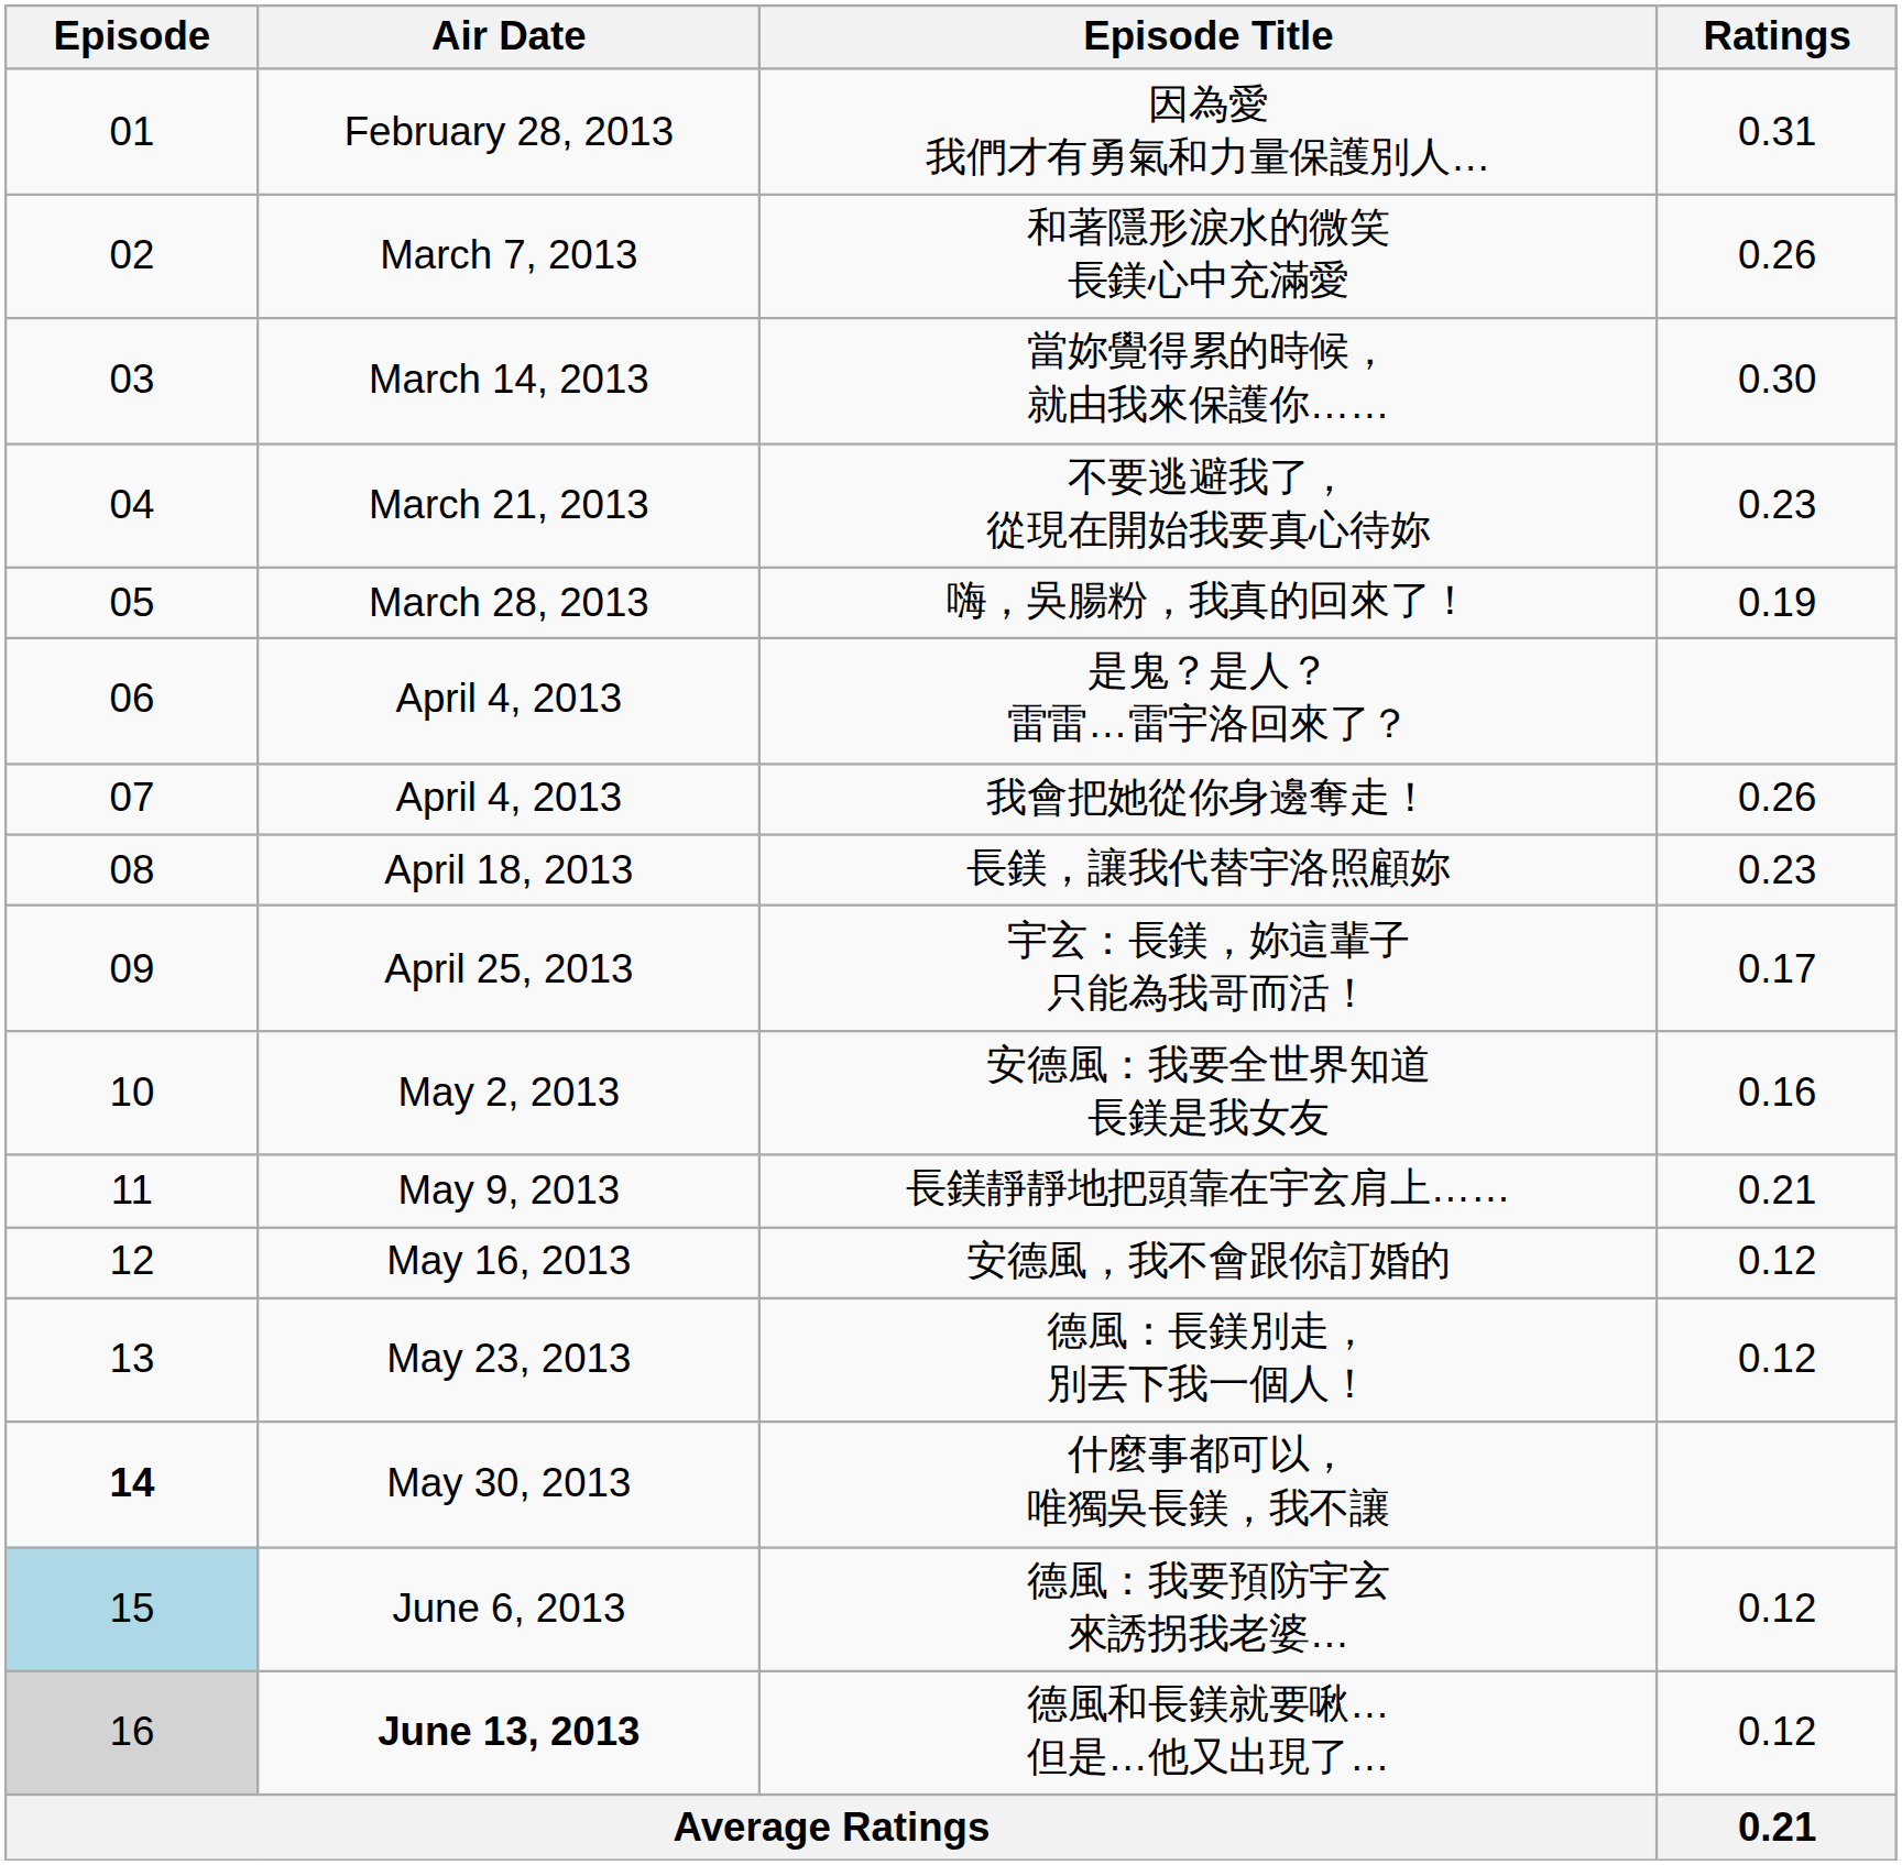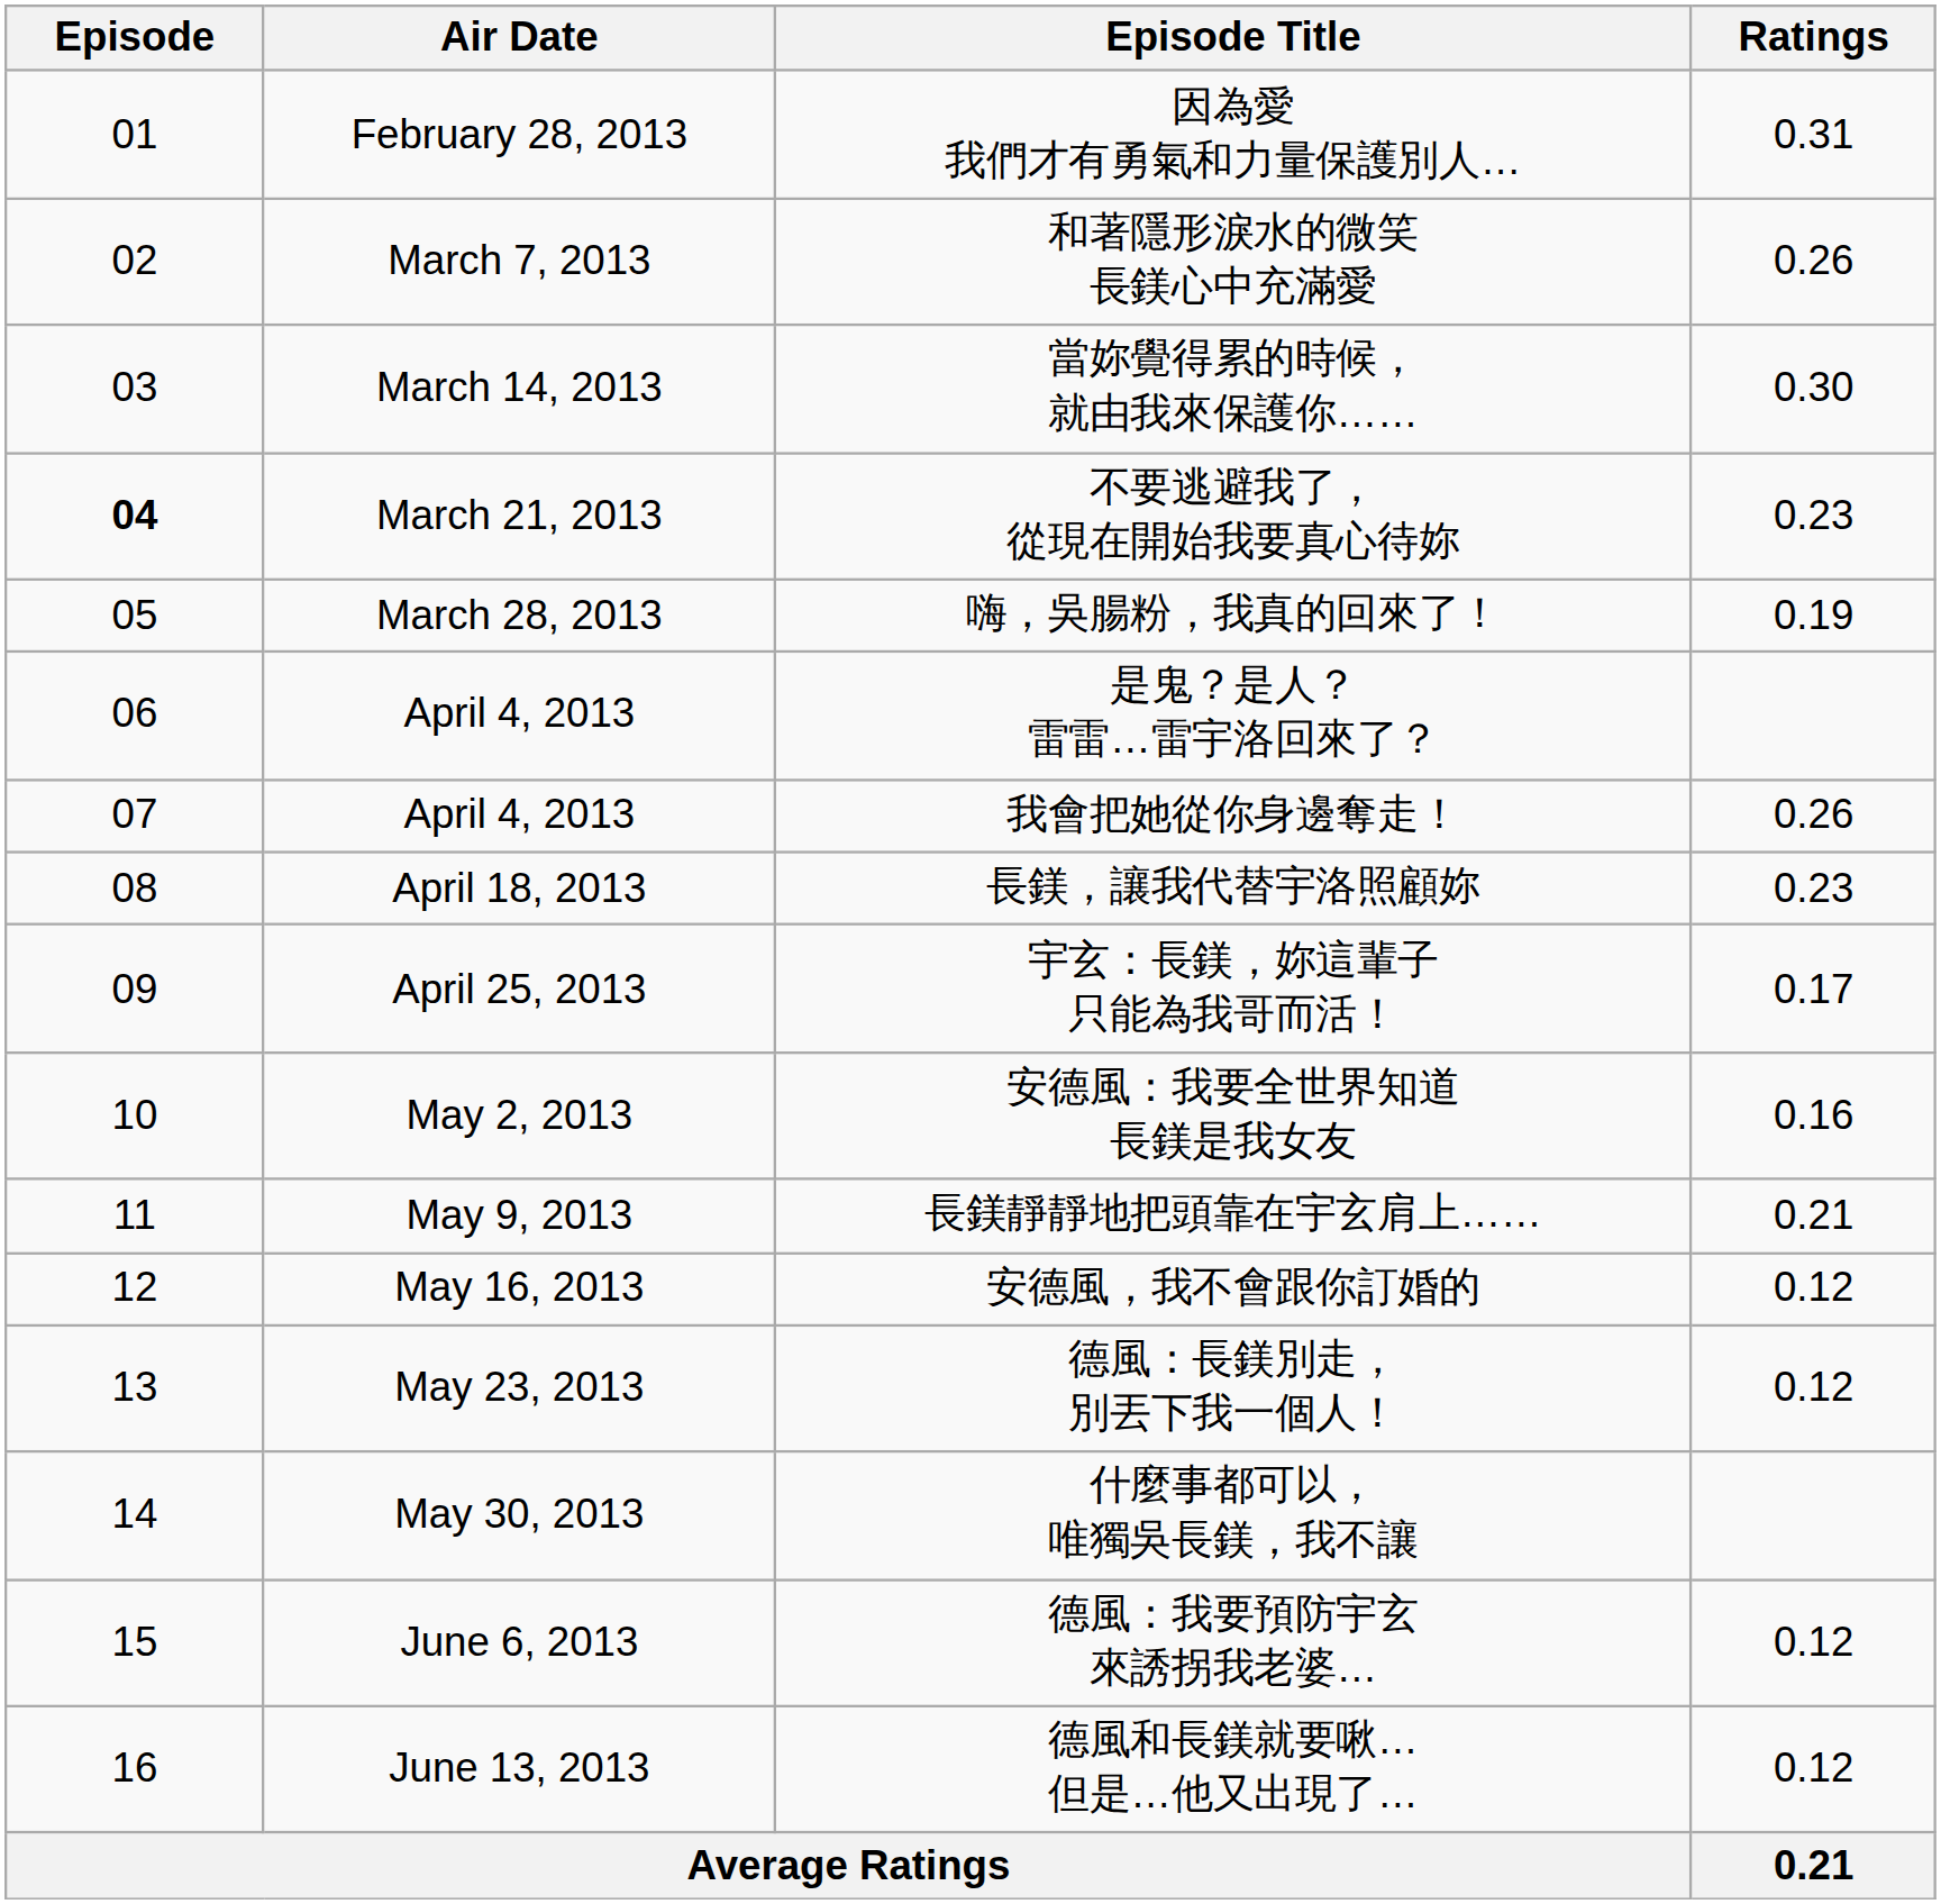 <table class="wikitable" style="text-align:center; width:85%;">
 <tr>
 <th>Episode</th>
 <th>Air Date</th>
 <th>Episode Title</th>
 <th>Ratings</th>
 </tr>
 <tr>
 <td>01</td>
 <td>February 28, 2013</td>
 <td>因為愛<br>我們才有勇氣和力量保護別人…</td>
 <td>0.31</td>
 </tr>
 <tr>
 <td>02</td>
 <td>March 7, 2013</td>
 <td>和著隱形淚水的微笑<br>長鎂心中充滿愛</td>
 <td>0.26</td>
 </tr>
 <tr>
 <td>03</td>
 <td>March 14, 2013</td>
 <td>當妳覺得累的時候，<br>就由我來保護你……</td>
 <td>0.30</td>
 </tr>
 <tr>
-<td>04</td>
+<td><strong>04</strong></td>
 <td>March 21, 2013</td>
 <td>不要逃避我了，<br>從現在開始我要真心待妳</td>
 <td>0.23</td>
 </tr>
 <tr>
 <td>05</td>
 <td>March 28, 2013</td>
 <td>嗨，吳腸粉，我真的回來了！</td>
 <td>0.19</td>
 </tr>
 <tr>
 <td>06</td>
 <td>April 4, 2013</td>
 <td>是鬼？是人？<br>雷雷…雷宇洛回來了？</td>
 <td><strong></strong></td>
 </tr>
 <tr>
 <td>07</td>
 <td>April 4, 2013</td>
 <td>我會把她從你身邊奪走！</td>
 <td>0.26</td>
 </tr>
 <tr>
 <td>08</td>
 <td>April 18, 2013</td>
 <td>長鎂，讓我代替宇洛照顧妳</td>
 <td>0.23</td>
 </tr>
 <tr>
 <td>09</td>
 <td>April 25, 2013</td>
 <td>宇玄：長鎂，妳這輩子<br>只能為我哥而活！</td>
 <td>0.17</td>
 </tr>
 <tr>
 <td>10</td>
 <td>May 2, 2013</td>
 <td>安德風：我要全世界知道<br>長鎂是我女友</td>
 <td>0.16</td>
 </tr>
 <tr>
 <td>11</td>
 <td>May 9, 2013</td>
 <td>長鎂靜靜地把頭靠在宇玄肩上……</td>
 <td>0.21</td>
 </tr>
 <tr>
 <td>12</td>
 <td>May 16, 2013</td>
 <td>安德風，我不會跟你訂婚的</td>
 <td>0.12</td>
 </tr>
 <tr>
 <td>13</td>
 <td>May 23, 2013</td>
 <td>德風：長鎂別走，<br>別丟下我一個人！</td>
 <td>0.12</td>
 </tr>
 <tr>
-<td><strong>14</strong></td>
+<td>14</td>
 <td>May 30, 2013</td>
 <td>什麼事都可以，<br>唯獨吳長鎂，我不讓</td>
 <td><strong></strong></td>
 </tr>
 <tr>
-<td style="background: lightblue;">15</td>
+<td>15</td>
 <td>June 6, 2013</td>
 <td>德風：我要預防宇玄<br>來誘拐我老婆…</td>
 <td>0.12</td>
 </tr>
 <tr>
-<td style="background: lightgrey;">16</td>
-<td><strong>June 13, 2013</strong></td>
+<td>16</td>
+<td>June 13, 2013</td>
 <td>德風和長鎂就要啾…<br>但是…他又出現了…</td>
 <td>0.12</td>
 </tr>
 <tr>
 <th colspan="3">Average Ratings</th>
 <th>0.21</th>
 </tr>
 </table>
